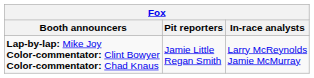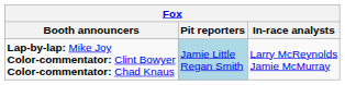 <table class="wikitable" style="font-size: 95%">
 <tr>
 <th colspan="3"><a href='#'>Fox</a></th>
 </tr>
 <tr>
 <th>Booth announcers</th>
 <th>Pit reporters</th>
 <th>In-race analysts</th>
 </tr>
 <tr>
 <td><strong>Lap-by-lap:</strong> <a href='#'>Mike Joy</a><br><strong>Color-commentator:</strong> <a href='#'>Clint Bowyer</a><br><strong>Color-commentator:</strong> <a href='#'>Chad Knaus</a></td>
-<td><a href='#'>Jamie Little</a><br><a href='#'>Regan Smith</a></td>
+<td style="background: lightblue;"><a href='#'>Jamie Little</a><br><a href='#'>Regan Smith</a></td>
 <td><a href='#'>Larry McReynolds</a><br><a href='#'>Jamie McMurray</a></td>
 </tr>
 </table>
